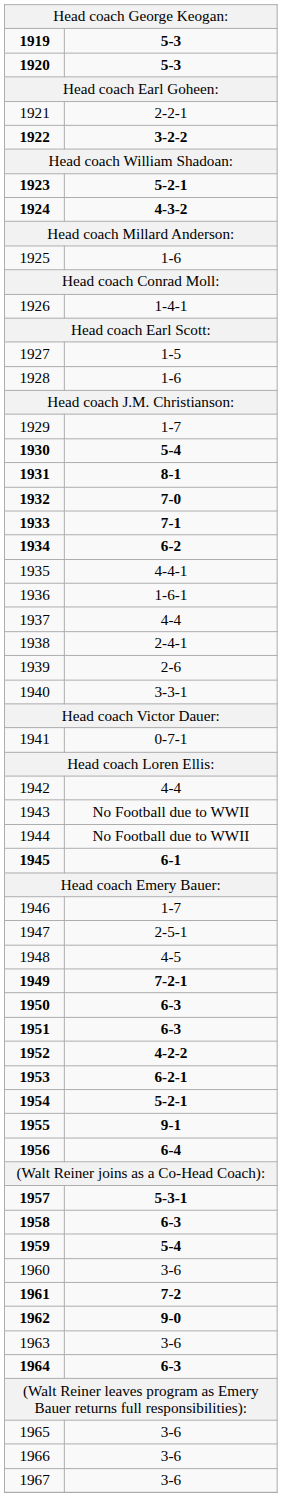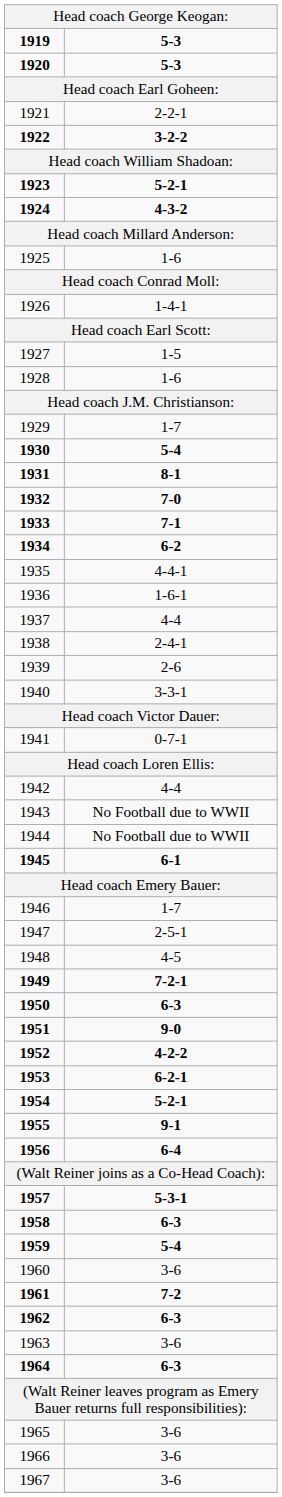 <table class="wikitable" style="width:18em; text-align:center; float:left; margin-right:1em">
 <tr>
 <th colspan=2 style="font-weight:normal">Head coach George Keogan:</th>
 </tr>
 <tr>
 <td><strong>1919</strong></td>
 <td><strong> 5-3</strong></td>
 </tr>
 <tr>
 <td><strong>1920</strong></td>
 <td><strong> 5-3</strong></td>
 </tr>
 <tr>
 <th colspan=2 style="font-weight:normal">Head coach Earl Goheen:</th>
 </tr>
 <tr>
 <td>1921</td>
 <td>2-2-1</td>
 </tr>
 <tr>
 <td><strong>1922</strong></td>
 <td><strong> 3-2-2</strong></td>
 </tr>
 <tr>
 <th colspan=2 style="font-weight:normal">Head coach William Shadoan:</th>
 </tr>
 <tr>
 <td><strong>1923</strong></td>
 <td><strong> 5-2-1</strong></td>
 </tr>
 <tr>
 <td><strong>1924</strong></td>
 <td><strong> 4-3-2</strong></td>
 </tr>
 <tr>
 <th colspan=2 style="font-weight:normal">Head coach Millard Anderson:</th>
 </tr>
 <tr>
 <td>1925</td>
 <td>1-6</td>
 </tr>
 <tr>
 <th colspan=2 style="font-weight:normal">Head coach Conrad Moll:</th>
 </tr>
 <tr>
 <td>1926</td>
 <td>1-4-1</td>
 </tr>
 <tr>
 <th colspan=2 style="font-weight:normal">Head coach Earl Scott:</th>
 </tr>
 <tr>
 <td>1927</td>
 <td>1-5</td>
 </tr>
 <tr>
 <td>1928</td>
 <td>1-6</td>
 </tr>
 <tr>
 <th colspan=2 style="font-weight:normal">Head coach J.M. Christianson:</th>
 </tr>
 <tr>
 <td>1929</td>
 <td>1-7</td>
 </tr>
 <tr>
 <td><strong>1930</strong></td>
 <td><strong> 5-4</strong></td>
 </tr>
 <tr>
 <td><strong>1931</strong></td>
 <td><strong> 8-1</strong></td>
 </tr>
 <tr>
 <td><strong>1932</strong></td>
 <td><strong> 7-0</strong></td>
 </tr>
 <tr>
 <td><strong>1933</strong></td>
 <td><strong> 7-1</strong></td>
 </tr>
 <tr>
 <td><strong>1934</strong></td>
 <td><strong> 6-2</strong></td>
 </tr>
 <tr>
 <td>1935</td>
 <td>4-4-1</td>
 </tr>
 <tr>
 <td>1936</td>
 <td>1-6-1</td>
 </tr>
 <tr>
 <td>1937</td>
 <td>4-4</td>
 </tr>
 <tr>
 <td>1938</td>
 <td>2-4-1</td>
 </tr>
 <tr>
 <td>1939</td>
 <td>2-6</td>
 </tr>
 <tr>
 <td>1940</td>
 <td>3-3-1</td>
 </tr>
 <tr>
 <th colspan=2 style="font-weight:normal">Head coach Victor Dauer:</th>
 </tr>
 <tr>
 <td>1941</td>
 <td>0-7-1</td>
 </tr>
 <tr>
 <th colspan=2 style="font-weight:normal">Head coach Loren Ellis:</th>
 </tr>
 <tr>
 <td>1942</td>
 <td>4-4</td>
 </tr>
 <tr>
 <td>1943</td>
 <td>No Football due to WWII</td>
 </tr>
 <tr>
 <td>1944</td>
 <td>No Football due to WWII</td>
 </tr>
 <tr>
 <td><strong>1945</strong></td>
 <td><strong> 6-1</strong></td>
 </tr>
 <tr>
 <th colspan=2 style="font-weight:normal">Head coach Emery Bauer:</th>
 </tr>
 <tr>
 <td>1946</td>
 <td>1-7</td>
 </tr>
 <tr>
 <td>1947</td>
 <td>2-5-1</td>
 </tr>
 <tr>
 <td>1948</td>
 <td>4-5</td>
 </tr>
 <tr>
 <td><strong>1949</strong></td>
 <td><strong> 7-2-1</strong></td>
 </tr>
 <tr>
 <td><strong>1950</strong></td>
 <td><strong> 6-3</strong></td>
 </tr>
 <tr>
 <td><strong>1951</strong></td>
-<td><strong> 6-3</strong></td>
+<td><strong> 9-0</strong></td>
 </tr>
 <tr>
 <td><strong>1952</strong></td>
 <td><strong> 4-2-2</strong></td>
 </tr>
 <tr>
 <td><strong>1953</strong></td>
 <td><strong> 6-2-1</strong></td>
 </tr>
 <tr>
 <td><strong>1954</strong></td>
 <td><strong> 5-2-1</strong></td>
 </tr>
 <tr>
 <td><strong>1955</strong></td>
 <td><strong> 9-1</strong></td>
 </tr>
 <tr>
 <td><strong>1956</strong></td>
 <td><strong>6-4</strong></td>
 </tr>
 <tr>
 <th colspan=2 style="font-weight:normal">(Walt Reiner joins as a Co-Head Coach):</th>
 </tr>
 <tr>
 <td><strong>1957</strong></td>
 <td><strong> 5-3-1</strong></td>
 </tr>
 <tr>
 <td><strong>1958</strong></td>
 <td><strong> 6-3</strong></td>
 </tr>
 <tr>
 <td><strong>1959</strong></td>
 <td><strong> 5-4</strong></td>
 </tr>
 <tr>
 <td>1960</td>
 <td>3-6</td>
 </tr>
 <tr>
 <td><strong>1961</strong></td>
 <td><strong> 7-2</strong></td>
 </tr>
 <tr>
 <td><strong>1962</strong></td>
-<td><strong> 9-0</strong></td>
+<td><strong> 6-3</strong></td>
 </tr>
 <tr>
 <td>1963</td>
 <td>3-6</td>
 </tr>
 <tr>
 <td><strong>1964</strong></td>
 <td><strong> 6-3</strong></td>
 </tr>
 <tr>
 <th colspan=2 style="font-weight:normal">(Walt Reiner leaves program as Emery Bauer returns full responsibilities):</th>
 </tr>
 <tr>
 <td>1965</td>
 <td>3-6</td>
 </tr>
 <tr>
 <td>1966</td>
 <td>3-6</td>
 </tr>
 <tr>
 <td>1967</td>
 <td>3-6</td>
 </tr>
 <tr>
 </tr>
 </table>
